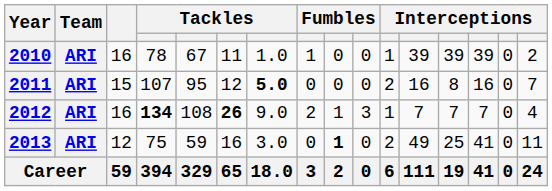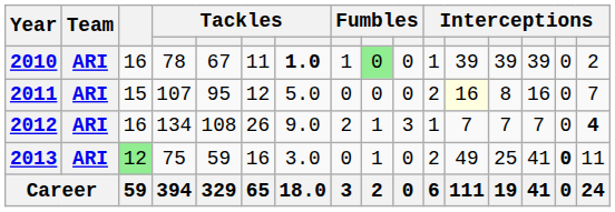 <table class="wikitable" style="text-align:center;">
 <tr>
 <th rowspan="2">Year</th>
 <th rowspan="2">Team</th>
 <th rowspan="2"></th>
 <th colspan="4">Tackles</th>
 <th colspan="3">Fumbles</th>
 <th colspan="6">Interceptions</th>
 </tr>
 <tr>
 <th></th>
 <th></th>
 <th></th>
 <th></th>
 <th></th>
 <th></th>
 <th></th>
 <th></th>
 <th></th>
 <th></th>
 <th></th>
 <th></th>
 <th></th>
 </tr>
 <tr>
 <th><a href='#'>2010</a></th>
 <th><a href='#'>ARI</a></th>
 <td>16</td>
 <td>78</td>
 <td>67</td>
 <td>11</td>
-<td>1.0</td>
+<td><strong>1.0</strong></td>
 <td>1</td>
-<td>0</td>
+<td style="background: lightgreen;">0</td>
 <td>0</td>
 <td>1</td>
 <td>39</td>
 <td>39</td>
 <td>39</td>
 <td>0</td>
 <td>2</td>
 </tr>
 <tr>
 <th><a href='#'>2011</a></th>
 <th><a href='#'>ARI</a></th>
 <td>15</td>
 <td>107</td>
 <td>95</td>
 <td>12</td>
-<td><strong>5.0</strong></td>
+<td>5.0</td>
 <td>0</td>
 <td>0</td>
 <td>0</td>
 <td>2</td>
-<td>16</td>
+<td style="background: lightyellow;">16</td>
 <td>8</td>
 <td>16</td>
 <td>0</td>
 <td>7</td>
 </tr>
 <tr>
 <th><a href='#'>2012</a></th>
 <th><a href='#'>ARI</a></th>
 <td>16</td>
-<td><strong>134</strong></td>
+<td>134</td>
 <td>108</td>
-<td><strong>26</strong></td>
+<td>26</td>
 <td>9.0</td>
 <td>2</td>
 <td>1</td>
 <td>3</td>
 <td>1</td>
 <td>7</td>
 <td>7</td>
 <td>7</td>
 <td>0</td>
-<td>4</td>
+<td><strong>4</strong></td>
 </tr>
 <tr>
 <th><a href='#'>2013</a></th>
 <th><a href='#'>ARI</a></th>
-<td>12</td>
+<td style="background: lightgreen;">12</td>
 <td>75</td>
 <td>59</td>
 <td>16</td>
 <td>3.0</td>
 <td>0</td>
-<td><strong>1</strong></td>
+<td>1</td>
 <td>0</td>
 <td>2</td>
 <td>49</td>
 <td>25</td>
 <td>41</td>
-<td>0</td>
+<td><strong>0</strong></td>
 <td>11</td>
 </tr>
 <tr>
 <th colspan="2">Career</th>
 <th>59</th>
 <th>394</th>
 <th>329</th>
 <th>65</th>
 <th>18.0</th>
 <th>3</th>
 <th>2</th>
 <th>0</th>
 <th>6</th>
 <th>111</th>
 <th>19</th>
 <th>41</th>
 <th>0</th>
 <th>24</th>
 </tr>
 </table>
